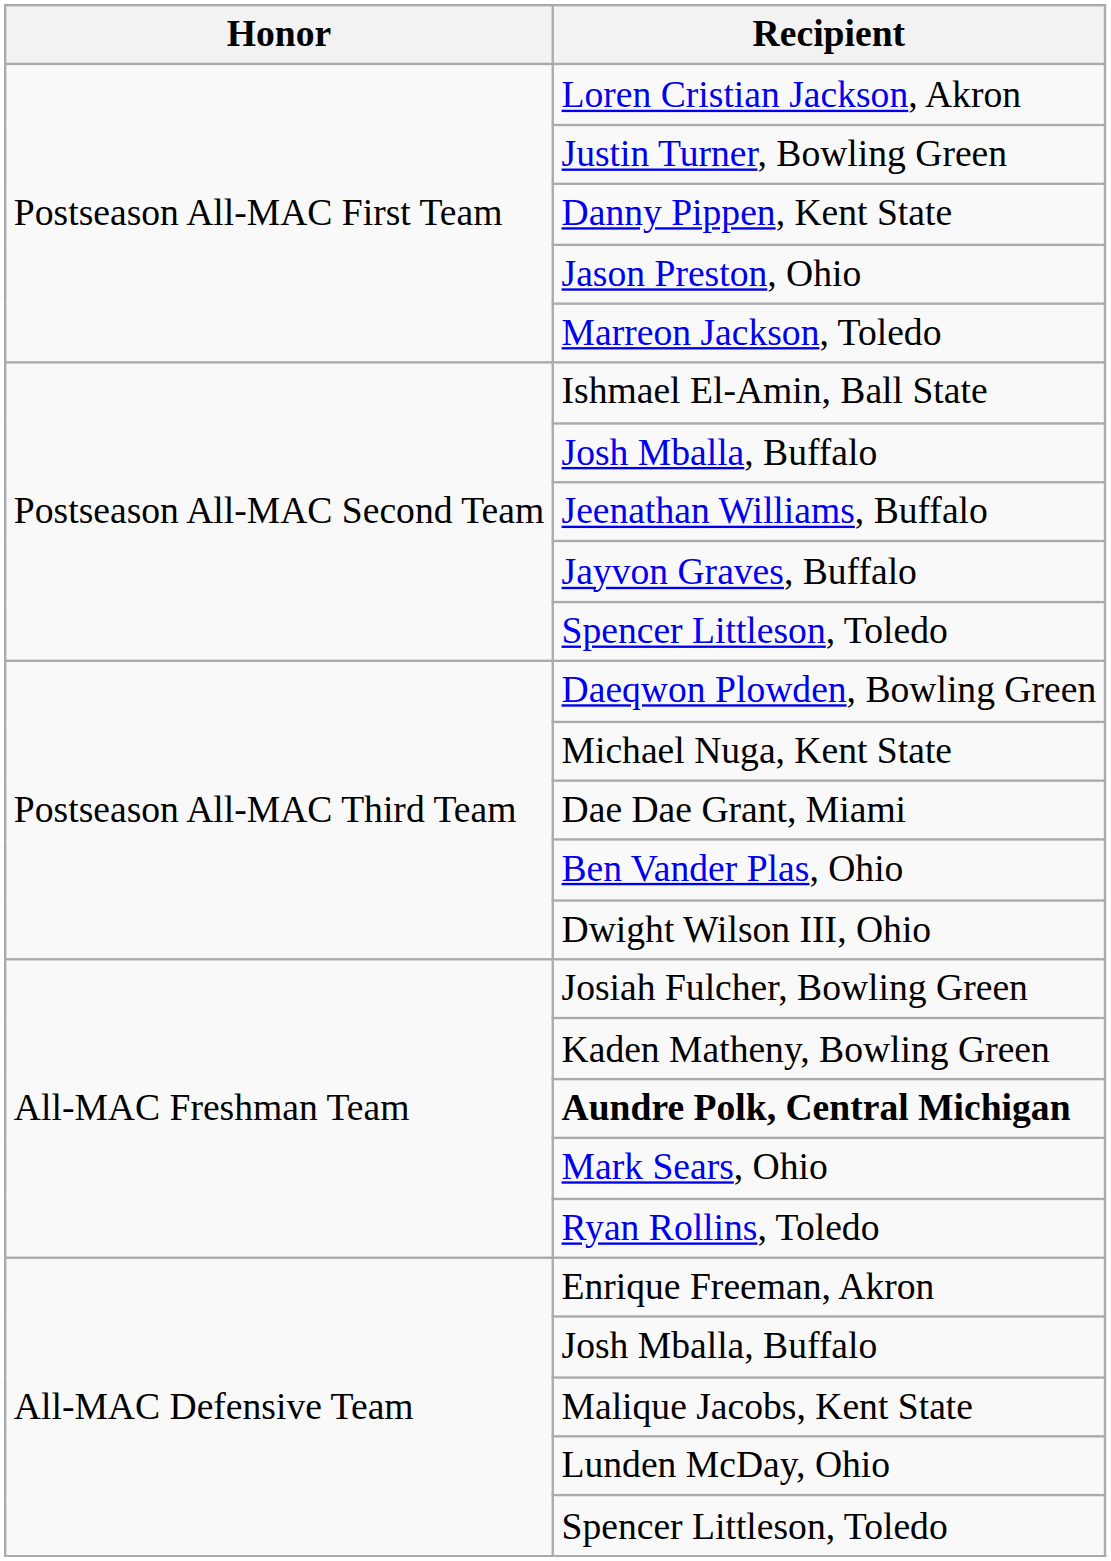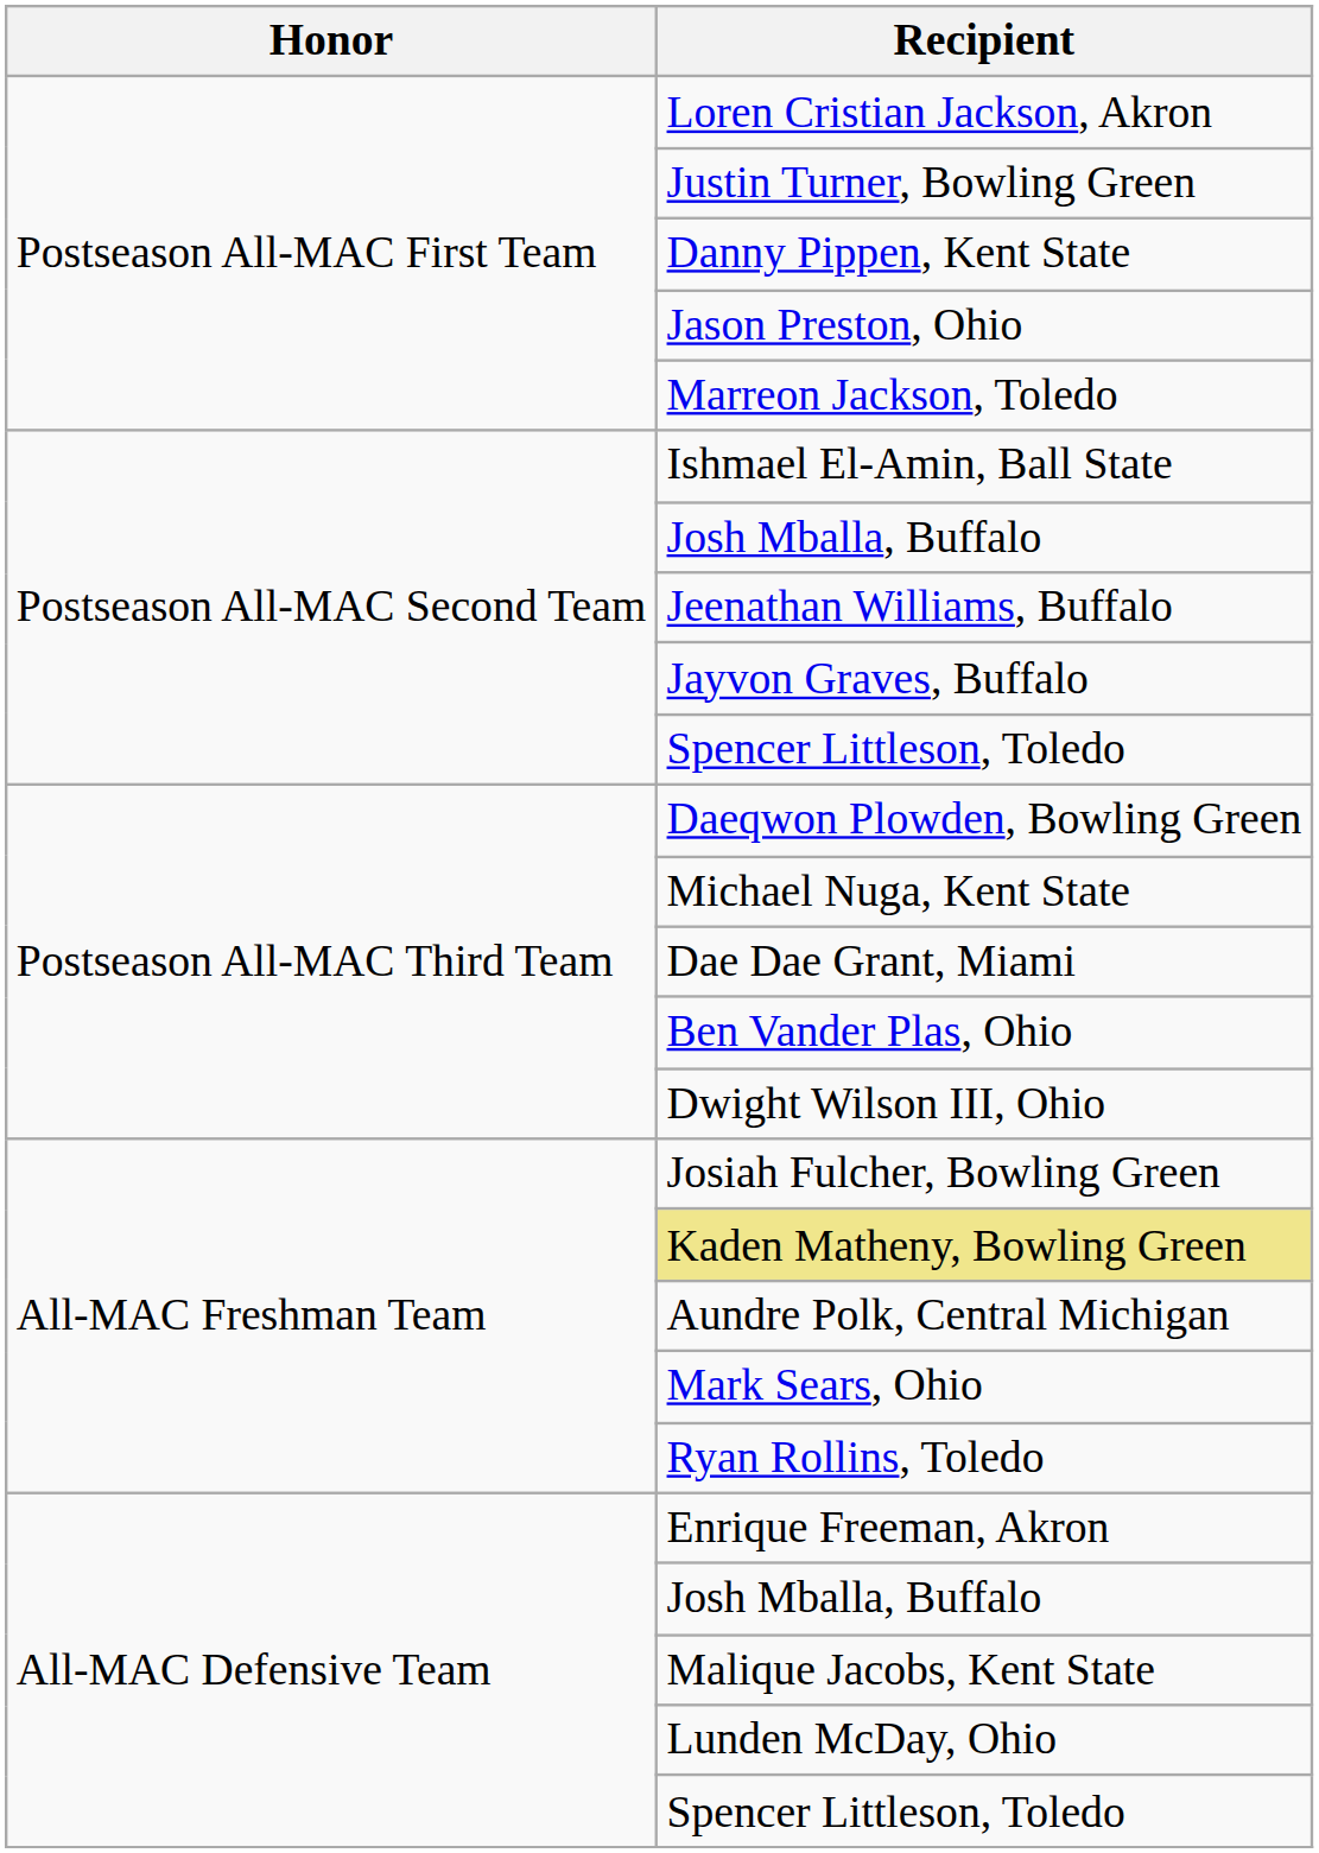 <table class="wikitable" border="1">
 <tr>
 <th>Honor</th>
 <th>Recipient</th>
 </tr>
 <tr>
 <td rowspan=5 valign=middle>Postseason All-MAC First Team</td>
 <td><a href='#'>Loren Cristian Jackson</a>, Akron</td>
 </tr>
 <tr>
 <td><a href='#'>Justin Turner</a>, Bowling Green</td>
 </tr>
 <tr>
 <td><a href='#'>Danny Pippen</a>, Kent State</td>
 </tr>
 <tr>
 <td><a href='#'>Jason Preston</a>, Ohio</td>
 </tr>
 <tr>
 <td><a href='#'>Marreon Jackson</a>, Toledo</td>
 </tr>
 <tr>
 <td rowspan=5 valign=middle>Postseason All-MAC Second Team</td>
 <td>Ishmael El-Amin, Ball State</td>
 </tr>
 <tr>
 <td><a href='#'>Josh Mballa</a>, Buffalo</td>
 </tr>
 <tr>
 <td><a href='#'>Jeenathan Williams</a>, Buffalo</td>
 </tr>
 <tr>
 <td><a href='#'>Jayvon Graves</a>, Buffalo</td>
 </tr>
 <tr>
 <td><a href='#'>Spencer Littleson</a>, Toledo</td>
 </tr>
 <tr>
 <td rowspan=5 valign=middle>Postseason All-MAC Third Team</td>
 <td><a href='#'>Daeqwon Plowden</a>, Bowling Green</td>
 </tr>
 <tr>
 <td>Michael Nuga, Kent State</td>
 </tr>
 <tr>
 <td>Dae Dae Grant, Miami</td>
 </tr>
 <tr>
 <td><a href='#'>Ben Vander Plas</a>, Ohio</td>
 </tr>
 <tr>
 <td>Dwight Wilson III, Ohio</td>
 </tr>
 <tr>
 <td rowspan=5 valign=middle>All-MAC Freshman Team</td>
 <td>Josiah Fulcher, Bowling Green</td>
 </tr>
 <tr>
-<td>Kaden Matheny, Bowling Green</td>
+<td style="background: khaki;">Kaden Matheny, Bowling Green</td>
 </tr>
 <tr>
-<td><strong>Aundre Polk, Central Michigan</strong></td>
+<td>Aundre Polk, Central Michigan</td>
 </tr>
 <tr>
 <td><a href='#'>Mark Sears</a>, Ohio</td>
 </tr>
 <tr>
 <td><a href='#'>Ryan Rollins</a>, Toledo</td>
 </tr>
 <tr>
 <td rowspan=5 valign=middle>All-MAC Defensive Team</td>
 <td>Enrique Freeman, Akron</td>
 </tr>
 <tr>
 <td>Josh Mballa, Buffalo</td>
 </tr>
 <tr>
 <td>Malique Jacobs, Kent State</td>
 </tr>
 <tr>
 <td>Lunden McDay, Ohio</td>
 </tr>
 <tr>
 <td>Spencer Littleson, Toledo</td>
 </tr>
 <tr>
 </tr>
 </table>
